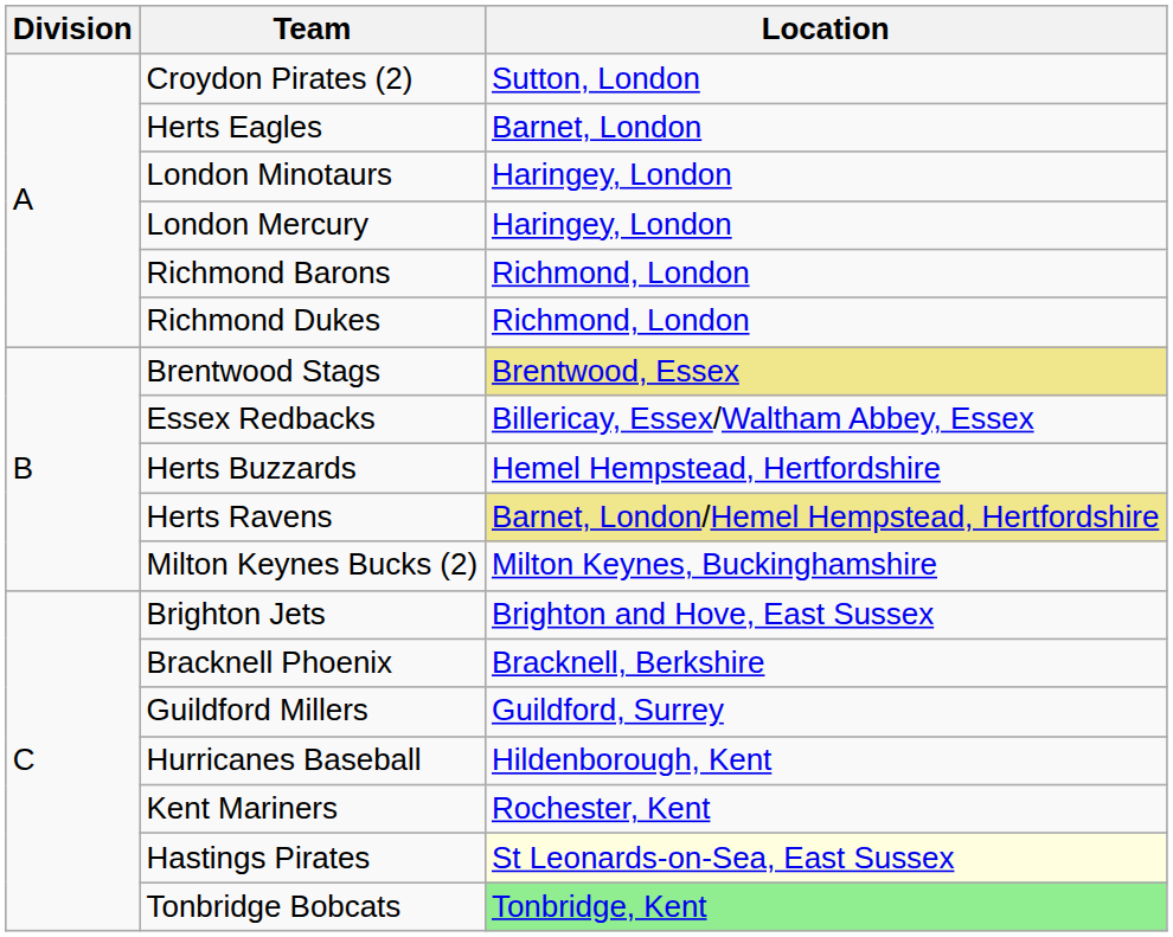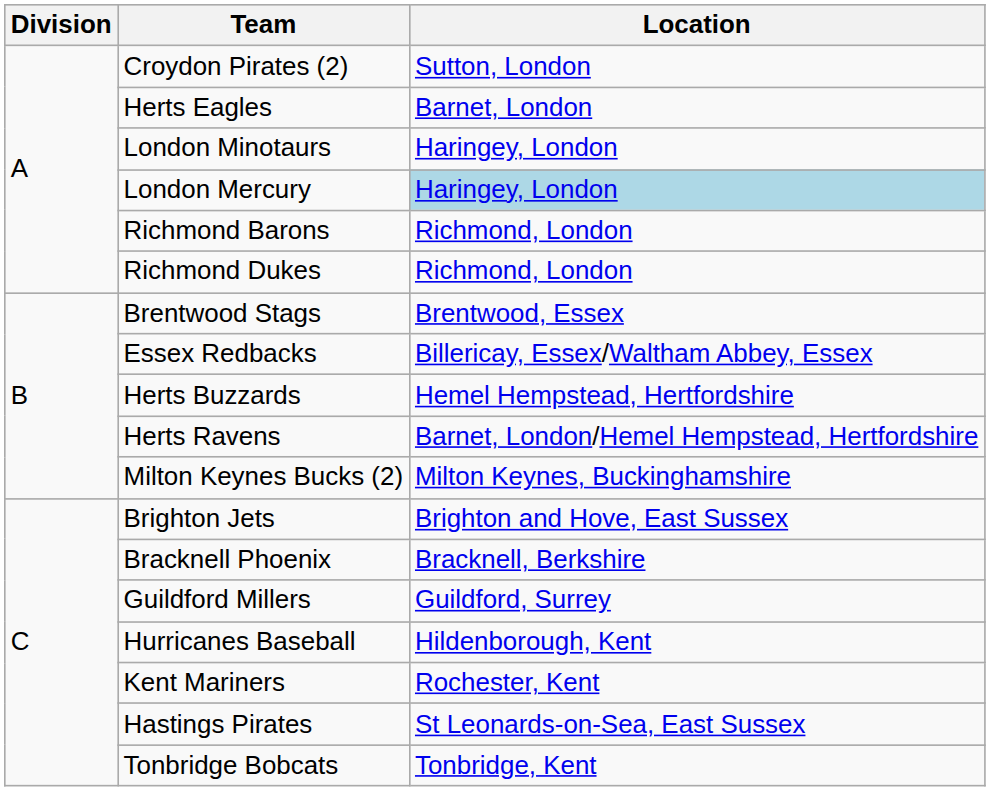 <table class="wikitable">
 <tr>
 <th>Division</th>
 <th>Team</th>
 <th>Location</th>
 </tr>
 <tr>
 <td rowspan="6">A</td>
 <td>Croydon Pirates (2)</td>
 <td rowspan="1"><a href='#'>Sutton, London</a></td>
 </tr>
 <tr>
 <td>Herts Eagles</td>
 <td><a href='#'>Barnet, London</a></td>
 </tr>
 <tr>
 <td>London Minotaurs</td>
 <td><a href='#'>Haringey, London</a></td>
 </tr>
 <tr>
 <td>London Mercury</td>
-<td><a href='#'>Haringey, London</a></td>
+<td style="background: lightblue;"><a href='#'>Haringey, London</a></td>
 </tr>
 <tr>
 <td>Richmond Barons</td>
 <td><a href='#'>Richmond, London</a></td>
 </tr>
 <tr>
 <td>Richmond Dukes</td>
 <td><a href='#'>Richmond, London</a></td>
 </tr>
 <tr>
 <td rowspan="5">B</td>
 <td>Brentwood Stags</td>
-<td style="background: khaki;"><a href='#'>Brentwood, Essex</a></td>
+<td><a href='#'>Brentwood, Essex</a></td>
 </tr>
 <tr>
 <td>Essex Redbacks</td>
 <td><a href='#'>Billericay, Essex</a>/<a href='#'>Waltham Abbey, Essex</a></td>
 </tr>
 <tr>
 <td>Herts Buzzards</td>
 <td rowspan="1"><a href='#'>Hemel Hempstead, Hertfordshire</a></td>
 </tr>
 <tr>
 <td>Herts Ravens</td>
-<td style="background: khaki;"><a href='#'>Barnet, London</a>/<a href='#'>Hemel Hempstead, Hertfordshire</a></td>
+<td><a href='#'>Barnet, London</a>/<a href='#'>Hemel Hempstead, Hertfordshire</a></td>
 </tr>
 <tr>
 <td>Milton Keynes Bucks (2)</td>
 <td><a href='#'>Milton Keynes, Buckinghamshire</a></td>
 </tr>
 <tr>
 <td rowspan="7">C</td>
 <td>Brighton Jets</td>
 <td><a href='#'>Brighton and Hove, East Sussex</a></td>
 </tr>
 <tr>
 <td>Bracknell Phoenix</td>
 <td rowspan="1"><a href='#'>Bracknell, Berkshire</a></td>
 </tr>
 <tr>
 <td>Guildford Millers</td>
 <td><a href='#'>Guildford, Surrey</a></td>
 </tr>
 <tr>
 <td>Hurricanes Baseball</td>
 <td><a href='#'>Hildenborough, Kent</a></td>
 </tr>
 <tr>
 <td>Kent Mariners</td>
 <td><a href='#'>Rochester, Kent</a></td>
 </tr>
 <tr>
 <td>Hastings Pirates</td>
-<td style="background: lightyellow;"><a href='#'>St Leonards-on-Sea, East Sussex</a></td>
+<td><a href='#'>St Leonards-on-Sea, East Sussex</a></td>
 </tr>
 <tr>
 <td>Tonbridge Bobcats</td>
-<td style="background: lightgreen;"><a href='#'>Tonbridge, Kent</a></td>
+<td><a href='#'>Tonbridge, Kent</a></td>
 </tr>
 </table>
